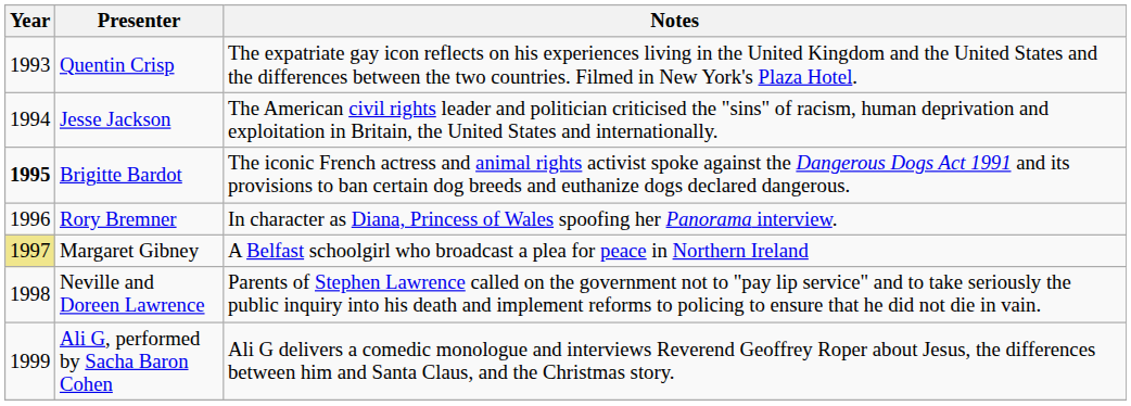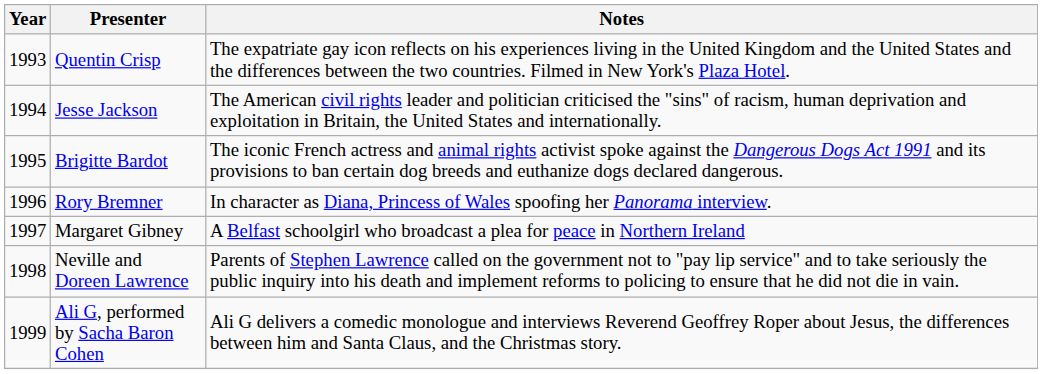 <table class="wikitable" style="width: 100%">
 <tr>
 <th>Year</th>
 <th>Presenter</th>
 <th>Notes</th>
 </tr>
 <tr>
 <td>1993</td>
 <td style="width: 15%"><a href='#'>Quentin Crisp</a></td>
 <td>The expatriate gay icon reflects on his experiences living in the United Kingdom and the United States and the differences between the two countries. Filmed in New York's <a href='#'>Plaza Hotel</a>.</td>
 </tr>
 <tr>
 <td>1994</td>
 <td> <a href='#'>Jesse Jackson</a></td>
 <td>The American <a href='#'>civil rights</a> leader and politician criticised the "sins" of racism, human deprivation and exploitation in Britain, the United States and internationally.</td>
 </tr>
 <tr>
-<td><strong>1995</strong></td>
+<td>1995</td>
 <td> <a href='#'>Brigitte Bardot</a></td>
 <td>The iconic French actress  and <a href='#'>animal rights</a> activist spoke against the  <em><a href='#'>Dangerous Dogs Act 1991</a></em> and its provisions to ban certain dog breeds and euthanize dogs declared dangerous.</td>
 </tr>
 <tr>
 <td>1996</td>
 <td><a href='#'>Rory Bremner</a></td>
 <td>In character as <a href='#'>Diana, Princess of Wales</a> spoofing her <a href='#'><em>Panorama</em> interview</a>.</td>
 </tr>
 <tr>
-<td style="background: khaki;">1997</td>
+<td>1997</td>
 <td>Margaret Gibney</td>
 <td>A <a href='#'>Belfast</a> schoolgirl who broadcast a plea for <a href='#'>peace</a> in <a href='#'>Northern Ireland</a></td>
 </tr>
 <tr>
 <td>1998</td>
 <td>Neville and <a href='#'>Doreen Lawrence</a></td>
 <td>Parents of <a href='#'>Stephen Lawrence</a>  called on the government not to "pay lip service" and to take seriously the public inquiry into his death and implement reforms to policing to ensure that he did not die in vain.</td>
 </tr>
 <tr>
 <td>1999</td>
 <td><a href='#'>Ali G</a>, performed by <a href='#'>Sacha Baron Cohen</a></td>
 <td>Ali G delivers a comedic monologue and interviews Reverend Geoffrey Roper about Jesus, the differences between him and Santa Claus, and the Christmas story.</td>
 </tr>
 <tr>
 </tr>
 </table>
